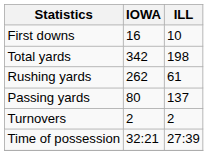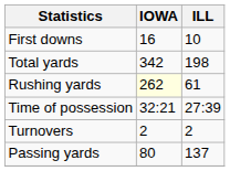 <table class="wikitable">
 <tr>
 <th>Statistics</th>
 <th>IOWA</th>
 <th>ILL</th>
 </tr>
 <tr>
 <td>First downs</td>
 <td>16</td>
 <td>10</td>
 </tr>
 <tr>
 <td>Total yards</td>
 <td>342</td>
 <td>198</td>
 </tr>
 <tr>
 <td>Rushing yards</td>
-<td>262</td>
+<td style="background: lightyellow;">262</td>
 <td>61</td>
+</tr>
+<tr>
+<td>Time of possession</td>
+<td>32:21</td>
+<td>27:39</td>
+</tr>
+<tr>
+<td>Turnovers</td>
+<td>2</td>
+<td>2</td>
 </tr>
 <tr>
 <td>Passing yards</td>
 <td>80</td>
 <td>137</td>
 </tr>
 <tr>
-<td>Turnovers</td>
-<td>2</td>
-<td>2</td>
-</tr>
-<tr>
-<td>Time of possession</td>
-<td>32:21</td>
-<td>27:39</td>
-</tr>
-<tr>
 </tr>
 </table>
